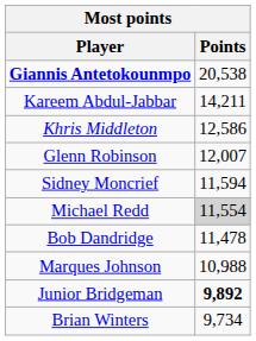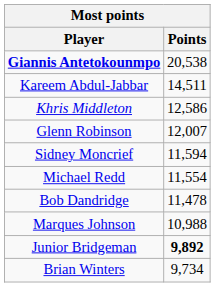 <table class="wikitable sortable" style="text-align:center">
 <tr>
 <th colspan="5">Most points</th>
 </tr>
 <tr>
 <th>Player</th>
 <th>Points</th>
 </tr>
 <tr>
 <td><strong><a href='#'>Giannis Antetokounmpo</a></strong></td>
 <td>20,538</td>
 </tr>
 <tr>
 <td><a href='#'>Kareem Abdul-Jabbar</a></td>
-<td>14,211</td>
+<td>14,511</td>
 </tr>
 <tr>
 <td><em><a href='#'>Khris Middleton</a></em></td>
 <td>12,586</td>
 </tr>
 <tr>
 <td><a href='#'>Glenn Robinson</a></td>
 <td>12,007</td>
 </tr>
 <tr>
 <td><a href='#'>Sidney Moncrief</a></td>
 <td>11,594</td>
 </tr>
 <tr>
 <td><a href='#'>Michael Redd</a></td>
-<td style="background: lightgrey;">11,554</td>
+<td>11,554</td>
 </tr>
 <tr>
 <td><a href='#'>Bob Dandridge</a></td>
 <td>11,478</td>
 </tr>
 <tr>
 <td><a href='#'>Marques Johnson</a></td>
 <td>10,988</td>
 </tr>
 <tr>
 <td><a href='#'>Junior Bridgeman</a></td>
 <td><strong>9,892</strong></td>
 </tr>
 <tr>
 <td><a href='#'>Brian Winters</a></td>
 <td>9,734</td>
 </tr>
 </table>
